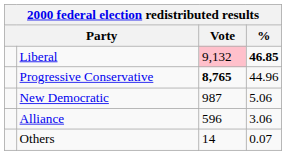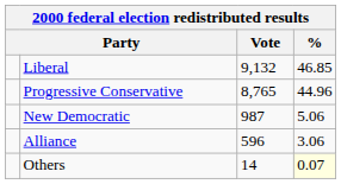 <table class="wikitable">
 <tr>
 <th colspan="4"><a href='#'>2000 federal election</a> redistributed results</th>
 </tr>
 <tr>
 <th bgcolor="#DDDDFF" width="230px" colspan="2">Party</th>
 <th bgcolor="#DDDDFF" width="50px">Vote</th>
 <th bgcolor="#DDDDFF" width="30px">%</th>
 </tr>
 <tr>
 <td> </td>
 <td><a href='#'>Liberal</a></td>
-<td style="background: pink;">9,132</td>
-<td><strong>46.85</strong></td>
+<td>9,132</td>
+<td>46.85</td>
 </tr>
 <tr>
 <td> </td>
 <td><a href='#'>Progressive Conservative</a></td>
-<td><strong>8,765</strong></td>
+<td>8,765</td>
 <td>44.96</td>
 </tr>
 <tr>
 <td> </td>
 <td><a href='#'>New Democratic</a></td>
 <td>987</td>
 <td>5.06</td>
 </tr>
 <tr>
 <td> </td>
 <td><a href='#'>Alliance</a></td>
 <td>596</td>
 <td>3.06</td>
 </tr>
 <tr>
 <td> </td>
 <td>Others</td>
 <td>14</td>
-<td>0.07</td>
+<td style="background: lightyellow;">0.07</td>
 </tr>
 </table>
